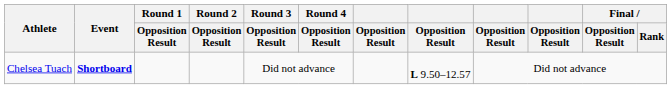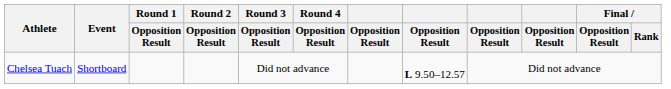 <table class=wikitable style=font-size:90%;text-align:center>
 <tr>
 <th rowspan=2>Athlete</th>
 <th rowspan=2>Event</th>
 <th>Round 1</th>
 <th>Round 2</th>
 <th>Round 3</th>
 <th>Round 4</th>
 <th></th>
 <th></th>
 <th></th>
 <th></th>
 <th colspan=2>Final / </th>
 </tr>
 <tr style=font-size:95%>
 <th>Opposition<br>Result</th>
 <th>Opposition<br>Result</th>
 <th>Opposition<br>Result</th>
 <th>Opposition<br>Result</th>
 <th>Opposition<br>Result</th>
 <th>Opposition<br>Result</th>
 <th>Opposition<br>Result</th>
 <th>Opposition<br>Result</th>
 <th>Opposition<br>Result</th>
 <th>Rank</th>
 </tr>
 <tr>
 <td align=left><a href='#'>Chelsea Tuach</a></td>
-<td align=left><strong><a href='#'>Shortboard</a></strong></td>
+<td align=left><a href='#'>Shortboard</a></td>
 <td><br></td>
 <td><br></td>
 <td colspan="2">Did not advance</td>
 <td></td>
 <td><br><strong>L</strong> 9.50–12.57</td>
 <td colspan="4">Did not advance</td>
 </tr>
 </table>
